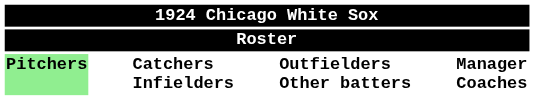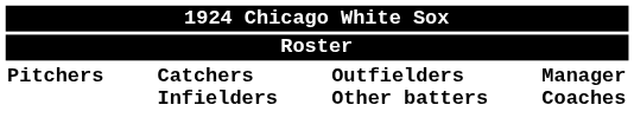 <table class="toccolours" style="font-size: 95%;">
 <tr>
 <th colspan="10" style="background-color: black; color: white; text-align: center;">1924 Chicago White Sox</th>
 </tr>
 <tr>
 <td colspan="10" style="background-color: black; color: white; text-align: center;"><strong>Roster</strong></td>
 </tr>
 <tr>
-<td valign="top" style="background: lightgreen;"><strong>Pitchers</strong><br>                </td>
+<td valign="top"><strong>Pitchers</strong><br>                </td>
 <td width="25px"></td>
 <td valign="top"><strong>Catchers</strong><br>     <strong>Infielders</strong>             </td>
 <td width="25px"></td>
 <td valign="top"><strong>Outfielders</strong><br>     <strong>Other batters</strong> </td>
 <td width="25px"></td>
 <td valign="top"><strong>Manager</strong><br>   <strong>Coaches</strong>  </td>
 </tr>
 </table>
